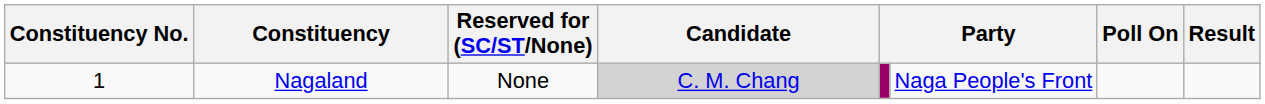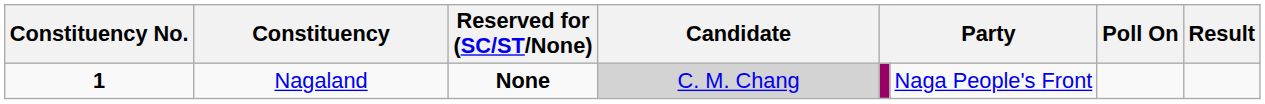 <table class="wikitable sortable" style="text-align:center">
 <tr>
 <th>Constituency No.</th>
 <th style="width:180px;">Constituency</th>
 <th>Reserved for<br>(<a href='#'>SC/ST</a>/None)</th>
 <th style="width:200px;">Candidate</th>
 <th colspan="2">Party</th>
 <th>Poll On</th>
 <th>Result</th>
 </tr>
 <tr>
-<td style="text-align:center;">1</td>
+<td style="text-align:center;"><strong>1</strong></td>
 <td><a href='#'>Nagaland</a></td>
-<td>None</td>
+<td><strong>None</strong></td>
 <td style="background: lightgrey;"><a href='#'>C. M. Chang</a></td>
 <td bgcolor=#990066></td>
 <td><a href='#'>Naga People's Front</a></td>
 <td></td>
 <td></td>
 </tr>
 </table>
